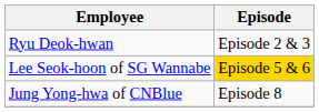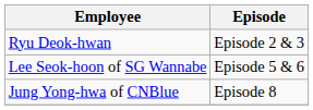 <table class="wikitable">
 <tr>
 <th>Employee</th>
 <th>Episode</th>
 </tr>
 <tr>
 <td><a href='#'>Ryu Deok-hwan</a></td>
 <td>Episode 2 & 3</td>
 </tr>
 <tr>
 <td><a href='#'>Lee Seok-hoon</a> of <a href='#'>SG Wannabe</a></td>
-<td style="background: gold;">Episode 5 & 6</td>
+<td>Episode 5 & 6</td>
 </tr>
 <tr>
 <td><a href='#'>Jung Yong-hwa</a> of <a href='#'>CNBlue</a></td>
 <td>Episode 8</td>
 </tr>
 <tr>
 </tr>
 </table>
